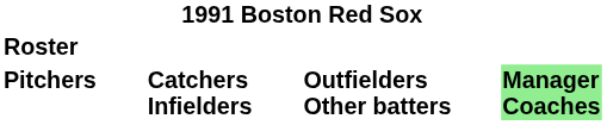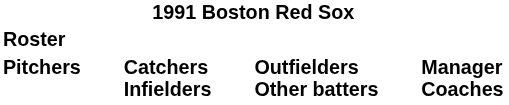 <table class="toccolours" style="font-size: 95%;">
 <tr>
 <th colspan="10">1991 Boston Red Sox</th>
 </tr>
 <tr>
 <td colspan="10"><strong>Roster</strong></td>
 </tr>
 <tr>
 <td valign="top"><strong>Pitchers</strong><br>                 </td>
 <td width="25px"></td>
 <td valign="top"><strong>Catchers</strong><br>  <strong>Infielders</strong>         </td>
 <td width="25px"></td>
 <td valign="top"><strong>Outfielders</strong><br>        <strong>Other batters</strong>  </td>
 <td width="25px"></td>
-<td valign="top" style="background: lightgreen;"><strong>Manager</strong><br> <strong>Coaches</strong>     </td>
+<td valign="top"><strong>Manager</strong><br> <strong>Coaches</strong>     </td>
 </tr>
 <tr>
 </tr>
 </table>
